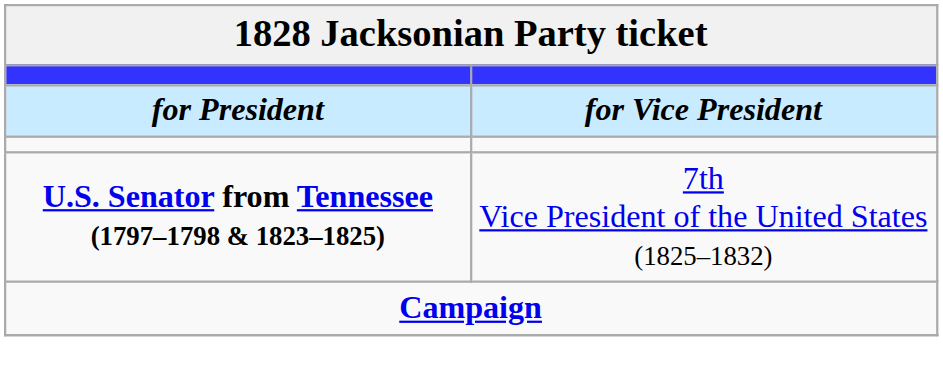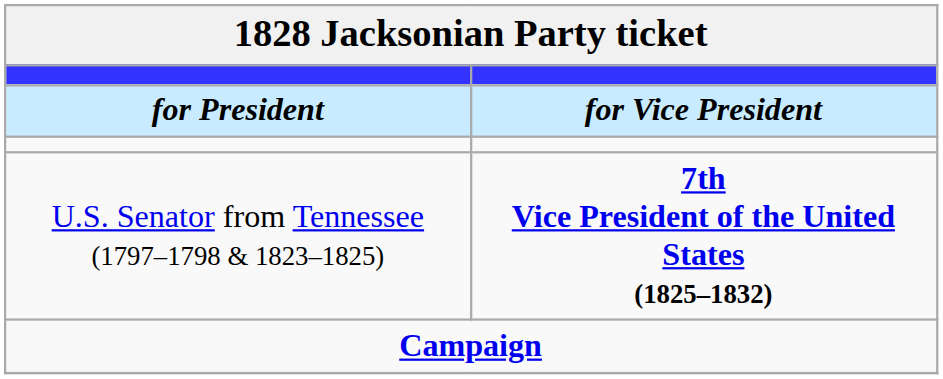 <table class="wikitable" style="font-size:90%; text-align:center;">
 <tr>
 <td style="background:#f1f1f1;" colspan="30"><big><strong>1828 Jacksonian Party ticket</strong></big></td>
 </tr>
 <tr>
 <th style="width:3em; font-size:135%; background:#3333FF; width:200px;"><a href='#'></a></th>
 <th style="width:3em; font-size:135%; background:#3333FF; width:200px;"><a href='#'></a></th>
 </tr>
 <tr>
 <td style="width:3em; font-size:100%; color:#000; background:#C8EBFF; width:200px;"><strong><em>for President</em></strong></td>
 <td style="width:3em; font-size:100%; color:#000; background:#C8EBFF; width:200px;"><strong><em>for Vice President</em></strong></td>
 </tr>
 <tr>
 <td></td>
 <td></td>
 </tr>
 <tr>
-<td><strong><a href='#'>U.S. Senator</a> from <a href='#'>Tennessee</a><br><small>(1797–1798 & 1823–1825)</small></strong></td>
-<td><a href='#'>7th</a><br><a href='#'>Vice President of the United States</a><br><small>(1825–1832)</small></td>
+<td><a href='#'>U.S. Senator</a> from <a href='#'>Tennessee</a><br><small>(1797–1798 & 1823–1825)</small></td>
+<td><strong><a href='#'>7th</a><br><a href='#'>Vice President of the United States</a><br><small>(1825–1832)</small></strong></td>
 </tr>
 <tr>
 <td colspan=2><strong><a href='#'>Campaign</a></strong></td>
 </tr>
 <tr>
 </tr>
 </table>
